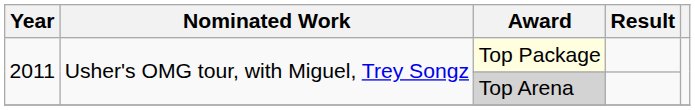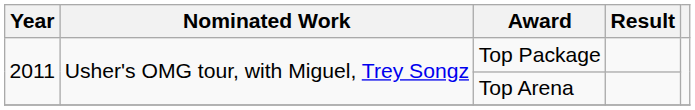 <table class="wikitable">
 <tr>
 <th>Year</th>
 <th>Nominated Work</th>
 <th>Award</th>
 <th>Result</th>
 <th></th>
 </tr>
 <tr>
 <td rowspan="2">2011</td>
 <td rowspan="2">Usher's OMG tour, with Miguel, <a href='#'>Trey Songz</a></td>
-<td style="background: lightyellow;">Top Package</td>
+<td>Top Package</td>
 <td></td>
 <td style="text-align:center;" rowspan="2"></td>
 </tr>
 <tr>
-<td style="background: lightgrey;">Top Arena</td>
+<td>Top Arena</td>
 <td></td>
 </tr>
 <tr>
 </tr>
 </table>
